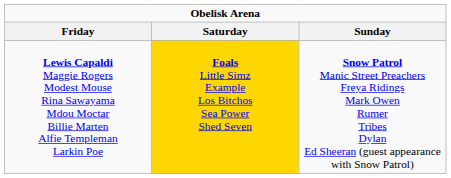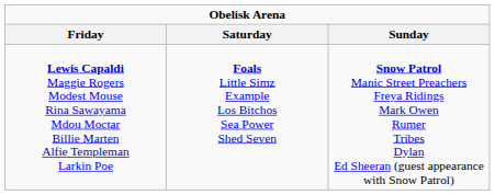 <table class="wikitable">
 <tr>
 <td colspan="3" align="center"><strong>Obelisk Arena</strong></td>
 </tr>
 <tr>
 <th>Friday</th>
 <th>Saturday</th>
 <th>Sunday</th>
 </tr>
 <tr>
 <td valign="top" align="center" width=200><br><strong><a href='#'>Lewis Capaldi</a></strong> <br><a href='#'>Maggie Rogers</a> <br><a href='#'>Modest Mouse</a> <br> <a href='#'>Rina Sawayama</a> <br><a href='#'>Mdou Moctar</a> <br><a href='#'>Billie Marten</a> <br><a href='#'>Alfie Templeman</a> <br><a href='#'>Larkin Poe</a></td>
-<td valign="top" align="center" width=200 style="background: gold;"><br><strong><a href='#'>Foals</a></strong> <br><a href='#'>Little Simz</a> <br><a href='#'>Example</a> <br><a href='#'>Los Bitchos</a> <br><a href='#'>Sea Power</a> <br><a href='#'>Shed Seven</a></td>
+<td valign="top" align="center" width=200><br><strong><a href='#'>Foals</a></strong> <br><a href='#'>Little Simz</a> <br><a href='#'>Example</a> <br><a href='#'>Los Bitchos</a> <br><a href='#'>Sea Power</a> <br><a href='#'>Shed Seven</a></td>
 <td valign="top" align="center" width=200><br><strong><a href='#'>Snow Patrol</a></strong>  <br><a href='#'>Manic Street Preachers</a> <br><a href='#'>Freya Ridings</a> <br><a href='#'>Mark Owen</a> <br><a href='#'>Rumer</a> <br><a href='#'>Tribes</a> <br><a href='#'>Dylan</a> <br><a href='#'>Ed Sheeran</a> (guest appearance with Snow Patrol)</td>
 </tr>
 </table>
